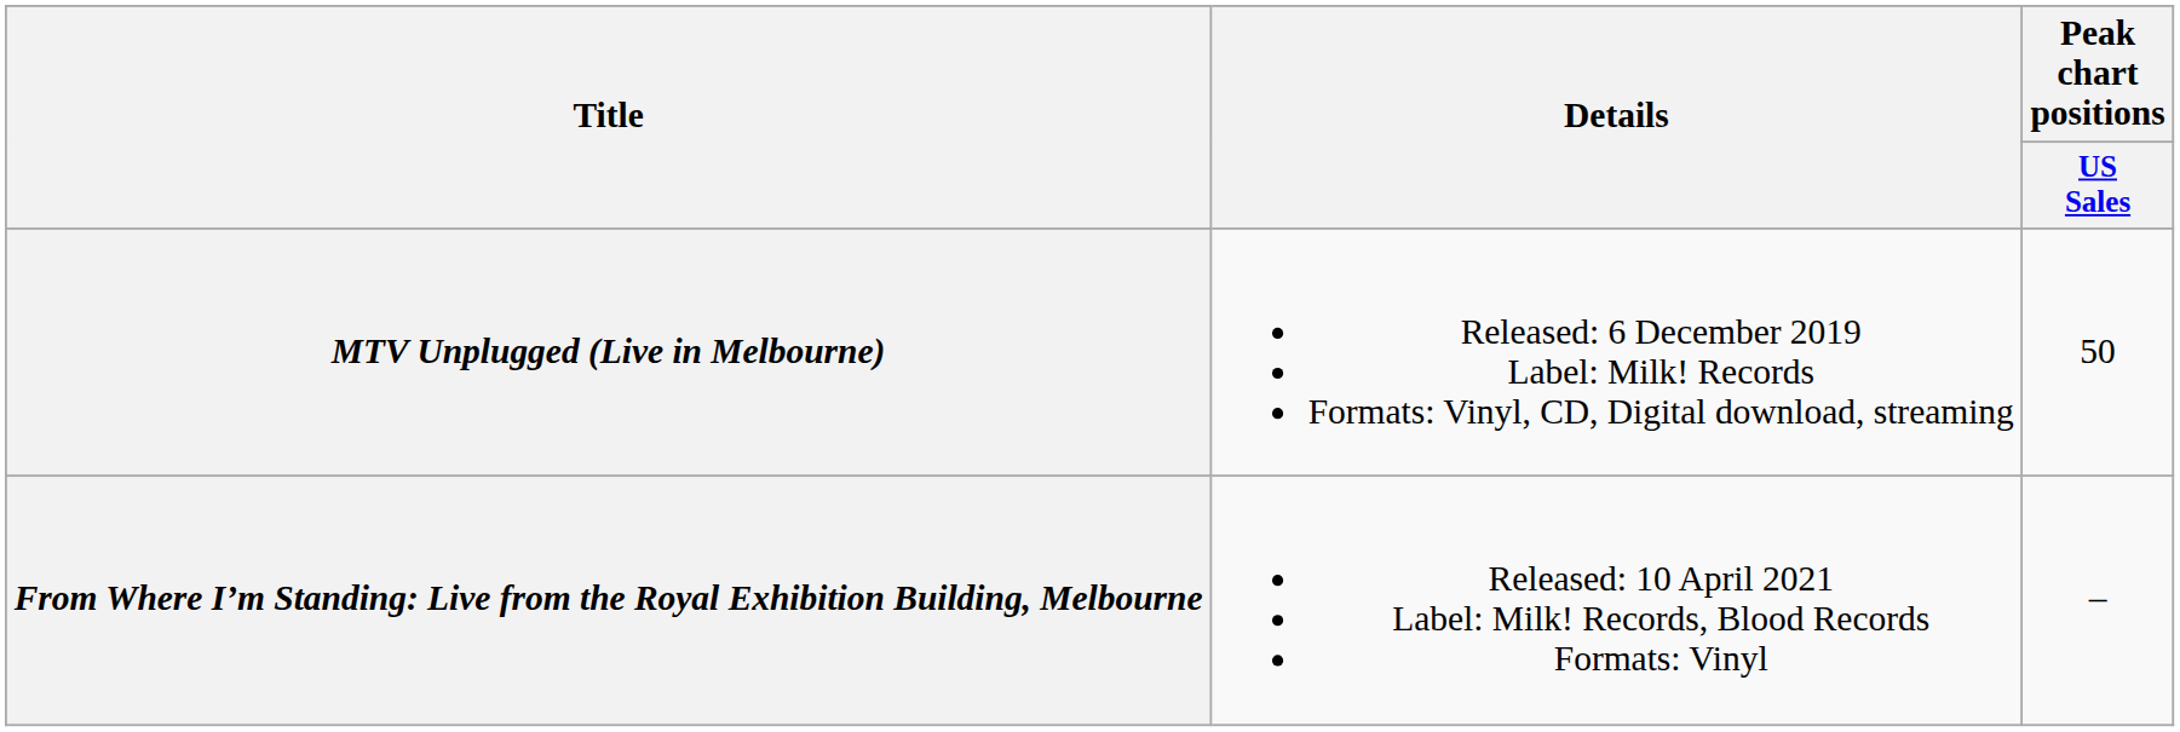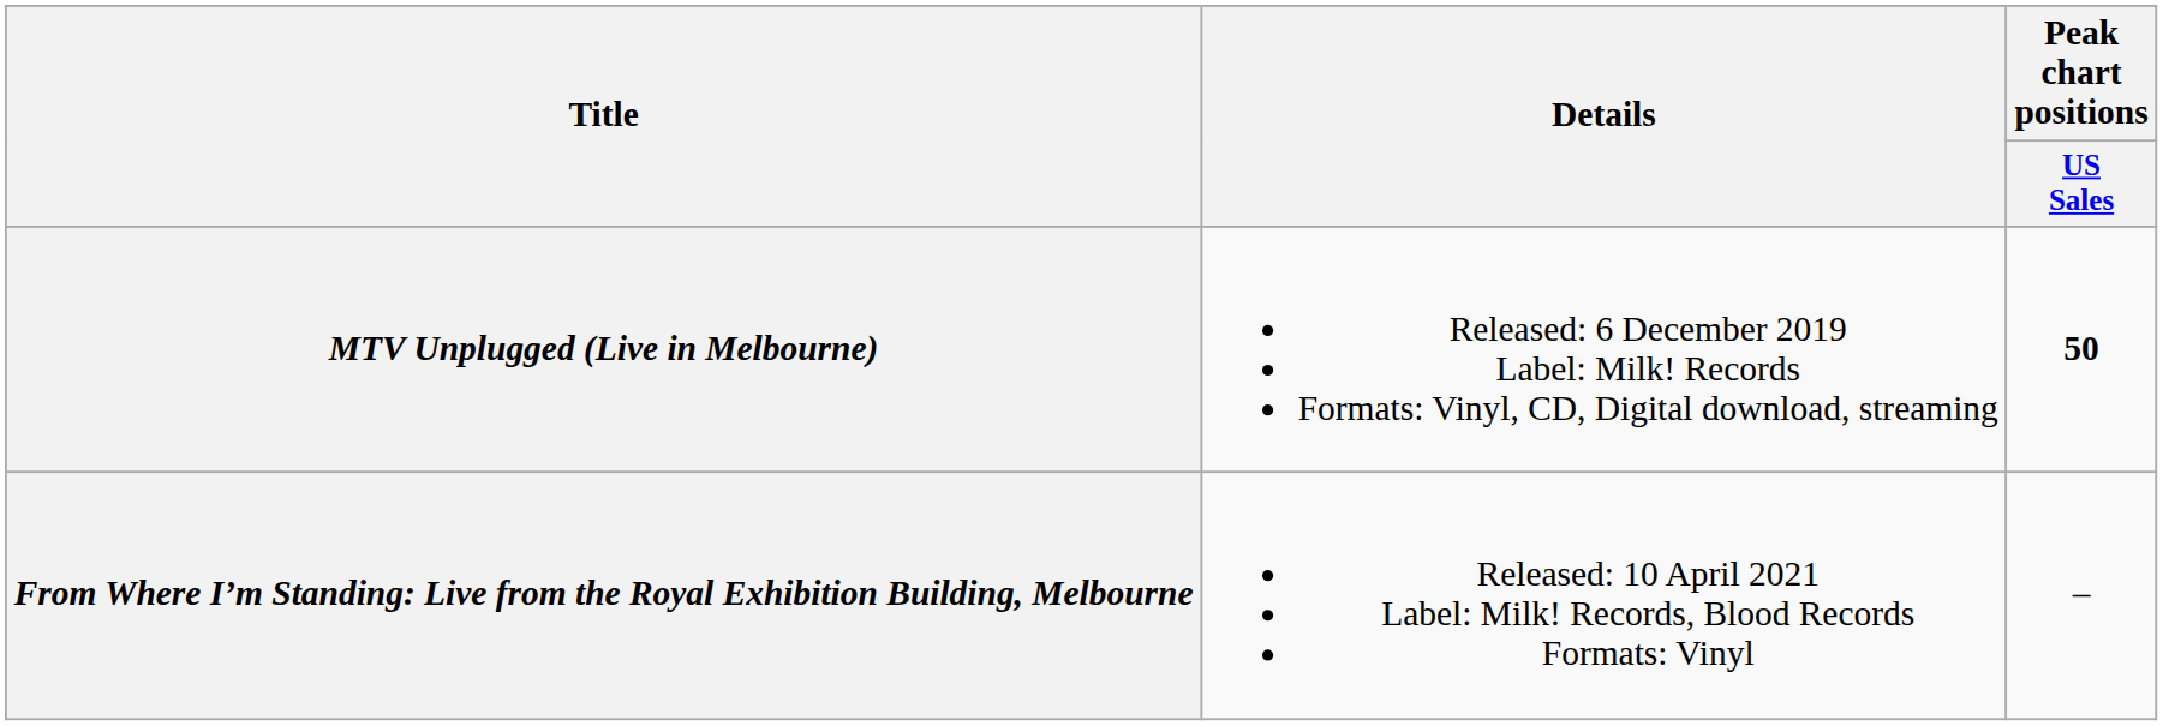 <table class="wikitable plainrowheaders" style="text-align:center;">
 <tr>
 <th scope="col" rowspan="2">Title</th>
 <th scope="col" rowspan="2">Details</th>
 <th scope="col" colspan="1">Peak chart positions</th>
 </tr>
 <tr>
 <th scope="col" style="width:3em;font-size:85%"><a href='#'>US<br>Sales</a><br></th>
 </tr>
 <tr>
 <th scope="row"><em>MTV Unplugged (Live in Melbourne)</em></th>
 <td><br><ul><li>Released: 6 December 2019</li><li>Label: Milk! Records</li><li>Formats: Vinyl, CD, Digital download, streaming</li></ul></td>
-<td>50</td>
+<td><strong>50</strong></td>
 </tr>
 <tr>
 <th scope="row"><em>From Where I’m Standing: Live from the Royal Exhibition Building, Melbourne</em></th>
 <td><br><ul><li>Released: 10 April 2021</li><li>Label: Milk! Records, Blood Records</li><li>Formats: Vinyl</li></ul></td>
 <td>–</td>
 </tr>
 </table>
